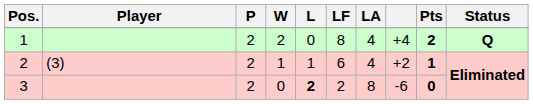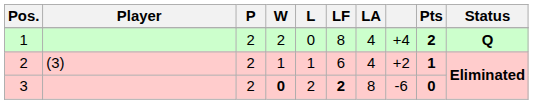 <table class="wikitable" style="text-align:center; margin: 1em auto 1em auto, align:left">
 <tr>
 <th width=25>Pos.</th>
 <th width=200>Player</th>
 <th width=25>P</th>
 <th width=25>W</th>
 <th width=25>L</th>
 <th width=25>LF</th>
 <th width=25>LA</th>
 <th width=25></th>
 <th width=25>Pts</th>
 <th width=75>Status</th>
 </tr>
 <tr>
 </tr>
 <tr style="background:#CCFFCC;">
 <td>1</td>
 <td align=left></td>
 <td>2</td>
 <td>2</td>
 <td>0</td>
 <td>8</td>
 <td>4</td>
 <td>+4</td>
 <td><strong>2</strong></td>
 <td><strong>Q</strong></td>
 </tr>
 <tr style="background:#FFCCCC;">
 <td>2</td>
 <td align=left> (3)</td>
 <td>2</td>
 <td>1</td>
 <td>1</td>
 <td>6</td>
 <td>4</td>
 <td>+2</td>
 <td><strong>1</strong></td>
 <td rowspan=2><strong>Eliminated</strong></td>
 </tr>
 <tr style="background:#FFCCCC;">
 <td>3</td>
 <td align=left></td>
 <td>2</td>
-<td>0</td>
+<td><strong>0</strong></td>
+<td>2</td>
 <td><strong>2</strong></td>
-<td>2</td>
 <td>8</td>
 <td>-6</td>
 <td><strong>0</strong></td>
 </tr>
 </table>
